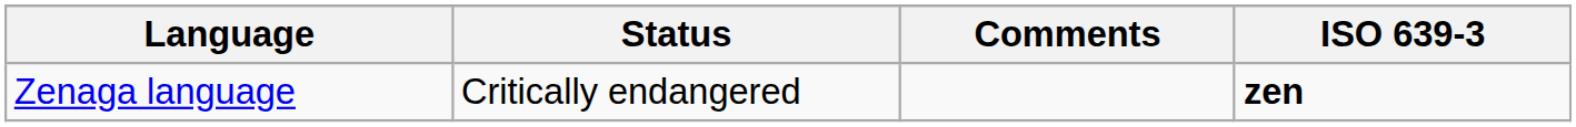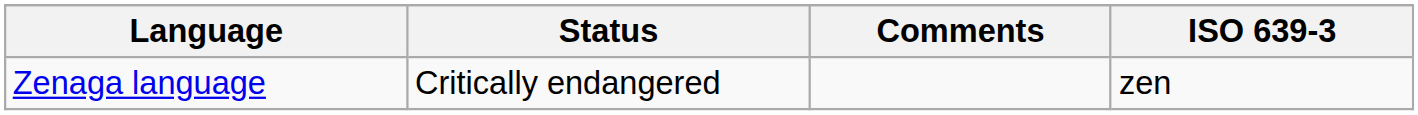 <table class="wikitable" style="margin:auto; font-size:90%;">
 <tr>
 </tr>
 <tr>
 <th style="width:20%;">Language</th>
 <th style="width:20%;">Status</th>
 <th style="width:15%;">Comments</th>
 <th style="width:15%;">ISO 639-3</th>
 </tr>
 <tr>
 <td><a href='#'>Zenaga language</a></td>
 <td>Critically endangered</td>
 <td> </td>
-<td><strong>zen</strong></td>
+<td>zen</td>
 </tr>
 </table>
